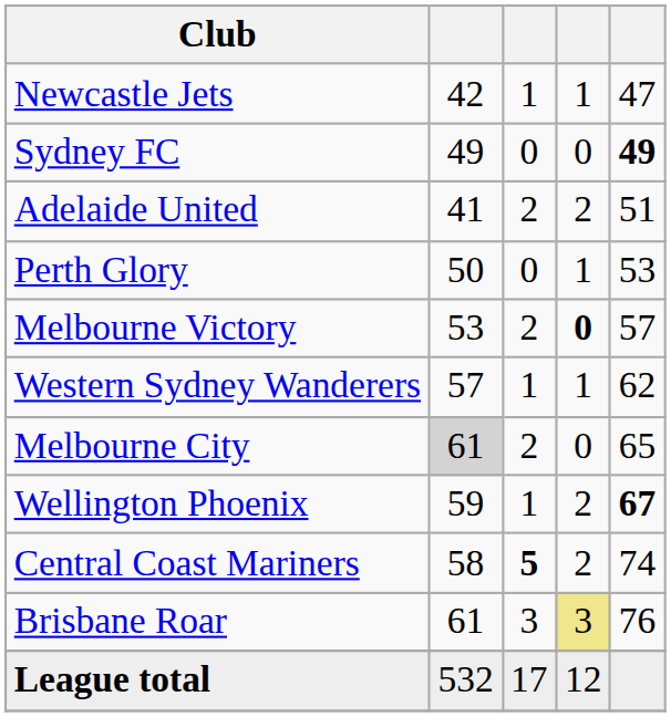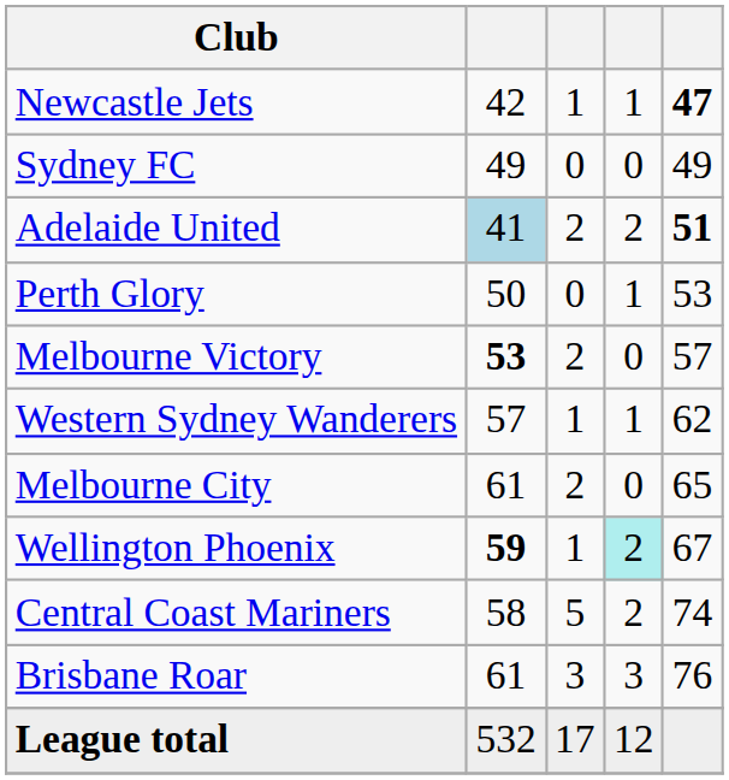 <table class="wikitable sortable" style="text-align:center">
 <tr>
 <th>Club</th>
 <th></th>
 <th></th>
 <th></th>
 <th></th>
 </tr>
 <tr>
 <td align="left"><a href='#'>Newcastle Jets</a></td>
 <td>42</td>
 <td>1</td>
 <td>1</td>
-<td>47</td>
+<td><strong>47</strong></td>
 </tr>
 <tr>
 <td align="left"><a href='#'>Sydney FC</a></td>
 <td>49</td>
 <td>0</td>
 <td>0</td>
-<td><strong>49</strong></td>
+<td>49</td>
 </tr>
 <tr>
 <td align="left"><a href='#'>Adelaide United</a></td>
-<td>41</td>
+<td style="background: lightblue;">41</td>
 <td>2</td>
 <td>2</td>
-<td>51</td>
+<td><strong>51</strong></td>
 </tr>
 <tr>
 <td align="left"><a href='#'>Perth Glory</a></td>
 <td>50</td>
 <td>0</td>
 <td>1</td>
 <td>53</td>
 </tr>
 <tr>
 <td align="left"><a href='#'>Melbourne Victory</a></td>
-<td>53</td>
+<td><strong>53</strong></td>
 <td>2</td>
-<td><strong>0</strong></td>
+<td>0</td>
 <td>57</td>
 </tr>
 <tr>
 <td align="left"><a href='#'>Western Sydney Wanderers</a></td>
 <td>57</td>
 <td>1</td>
 <td>1</td>
 <td>62</td>
 </tr>
 <tr>
 <td align="left"><a href='#'>Melbourne City</a></td>
-<td style="background: lightgrey;">61</td>
+<td>61</td>
 <td>2</td>
 <td>0</td>
 <td>65</td>
 </tr>
 <tr>
 <td align="left"><a href='#'>Wellington Phoenix</a></td>
-<td>59</td>
+<td><strong>59</strong></td>
 <td>1</td>
-<td>2</td>
-<td><strong>67</strong></td>
+<td style="background: paleturquoise;">2</td>
+<td>67</td>
 </tr>
 <tr>
 <td align="left"><a href='#'>Central Coast Mariners</a></td>
 <td>58</td>
-<td><strong>5</strong></td>
+<td>5</td>
 <td>2</td>
 <td>74</td>
 </tr>
 <tr>
 <td align="left"><a href='#'>Brisbane Roar</a></td>
 <td>61</td>
 <td>3</td>
-<td style="background: khaki;">3</td>
+<td>3</td>
 <td>76</td>
 </tr>
 <tr>
 </tr>
 <tr class="sortbottom" style="background:#eeeeee;">
 <td align="left"><strong>League total</strong></td>
 <td>532</td>
 <td>17</td>
 <td>12</td>
 <td></td>
 </tr>
 <tr>
 </tr>
 </table>
